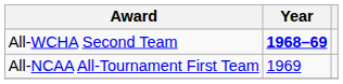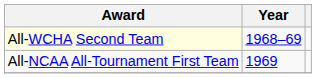 <table class="wikitable">
 <tr>
 <th>Award</th>
 <th>Year</th>
 <th></th>
 </tr>
 <tr>
-<td>All-<a href='#'>WCHA</a> <a href='#'>Second Team</a></td>
-<td><strong><a href='#'>1968–69</a></strong></td>
+<td style="background: lightyellow;">All-<a href='#'>WCHA</a> <a href='#'>Second Team</a></td>
+<td><a href='#'>1968–69</a></td>
 <td></td>
 </tr>
 <tr>
 <td>All-<a href='#'>NCAA</a> <a href='#'>All-Tournament First Team</a></td>
 <td><a href='#'>1969</a></td>
 <td></td>
 </tr>
 <tr>
 </tr>
 </table>
